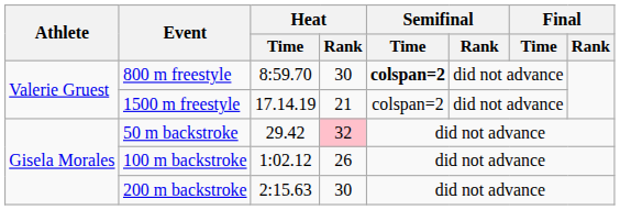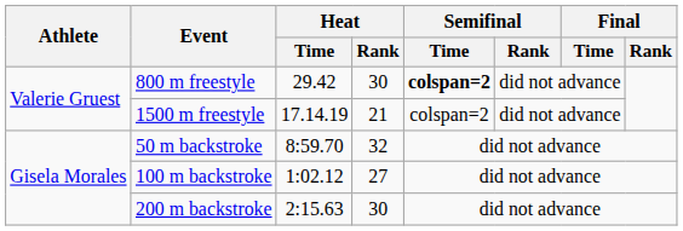 <table class=wikitable style="font-size:90%">
 <tr>
 <th rowspan="2">Athlete</th>
 <th rowspan="2">Event</th>
 <th colspan="2">Heat</th>
 <th colspan="2">Semifinal</th>
 <th colspan="2">Final</th>
 </tr>
 <tr style="font-size:95%">
 <th>Time</th>
 <th>Rank</th>
 <th>Time</th>
 <th>Rank</th>
 <th>Time</th>
 <th>Rank</th>
 </tr>
 <tr align=center>
 <td align=left rowspan=2><a href='#'>Valerie Gruest</a></td>
 <td align=left><a href='#'>800 m freestyle</a></td>
-<td>8:59.70</td>
+<td>29.42</td>
 <td>30</td>
 <td><strong>colspan=2 </strong></td>
 <td colspan=2>did not advance</td>
 </tr>
 <tr align=center>
 <td align=left><a href='#'>1500 m freestyle</a></td>
 <td>17.14.19</td>
 <td>21</td>
 <td>colspan=2 </td>
 <td colspan=2>did not advance</td>
 </tr>
 <tr align=center>
 <td align=left rowspan=3><a href='#'>Gisela Morales</a></td>
 <td align=left><a href='#'>50 m backstroke</a></td>
-<td>29.42</td>
-<td style="background: pink;">32</td>
+<td>8:59.70</td>
+<td>32</td>
 <td colspan=4>did not advance</td>
 </tr>
 <tr align=center>
 <td align=left><a href='#'>100 m backstroke</a></td>
 <td>1:02.12</td>
-<td>26</td>
+<td>27</td>
 <td colspan=4>did not advance</td>
 </tr>
 <tr align=center>
 <td align=left><a href='#'>200 m backstroke</a></td>
 <td>2:15.63</td>
 <td>30</td>
 <td colspan=4>did not advance</td>
 </tr>
 </table>
